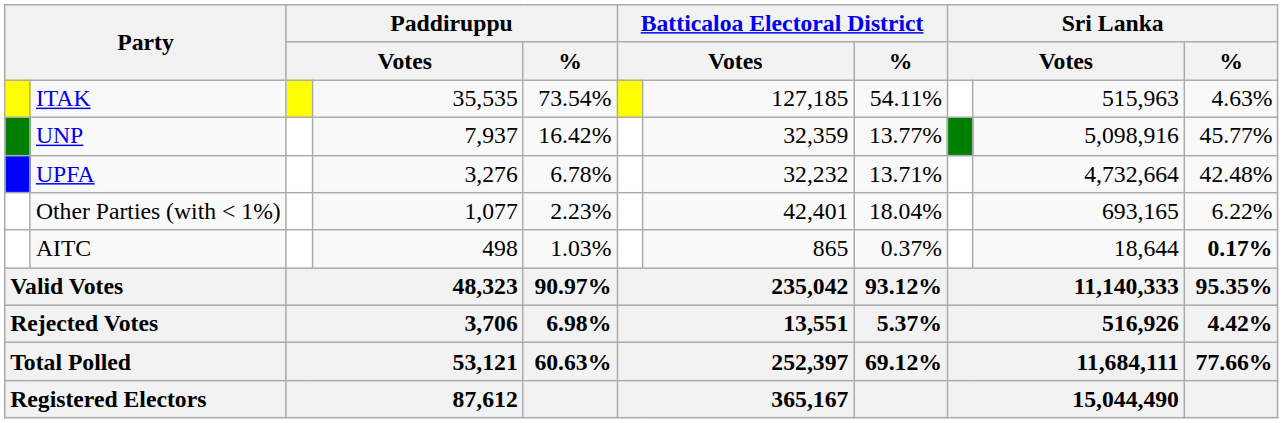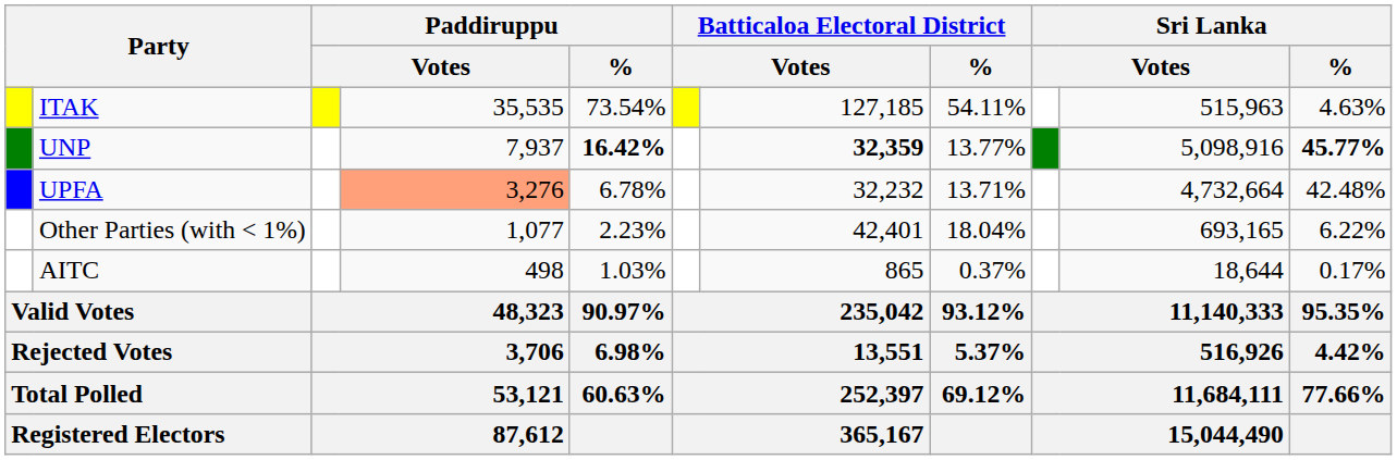 <table class="wikitable">
 <tr>
 <th colspan="2" width="144px"rowspan="2">Party</th>
 <th colspan="3" width="216px">Paddiruppu</th>
 <th colspan="3" width="216px"><a href='#'>Batticaloa Electoral District</a></th>
 <th colspan="3" width="216px">Sri Lanka</th>
 </tr>
 <tr>
 <th colspan="2" width="144px">Votes</th>
 <th>%</th>
 <th colspan="2" width="144px">Votes</th>
 <th>%</th>
 <th colspan="2" width="144px">Votes</th>
 <th>%</th>
 </tr>
 <tr>
 <td style="background-color:yellow;" width="10px"></td>
 <td style="text-align:left;"><a href='#'>ITAK</a></td>
 <td style="background-color:yellow;" width="10px"></td>
 <td style="text-align:right;">35,535</td>
 <td style="text-align:right;">73.54%</td>
 <td style="background-color:yellow;" width="10px"></td>
 <td style="text-align:right;">127,185</td>
 <td style="text-align:right;">54.11%</td>
 <td style="background-color:white;" width="10px"></td>
 <td style="text-align:right;">515,963</td>
 <td style="text-align:right;">4.63%</td>
 </tr>
 <tr>
 <td style="background-color:green;" width="10px"></td>
 <td style="text-align:left;"><a href='#'>UNP</a></td>
 <td style="background-color:white;" width="10px"></td>
 <td style="text-align:right;">7,937</td>
-<td style="text-align:right;">16.42%</td>
+<td style="text-align:right;"><strong>16.42%</strong></td>
 <td style="background-color:white;" width="10px"></td>
-<td style="text-align:right;">32,359</td>
+<td style="text-align:right;"><strong>32,359</strong></td>
 <td style="text-align:right;">13.77%</td>
 <td style="background-color:green;" width="10px"></td>
 <td style="text-align:right;">5,098,916</td>
-<td style="text-align:right;">45.77%</td>
+<td style="text-align:right;"><strong>45.77%</strong></td>
 </tr>
 <tr>
 <td style="background-color:blue;" width="10px"></td>
 <td style="text-align:left;"><a href='#'>UPFA</a></td>
 <td style="background-color:white;" width="10px"></td>
-<td style="text-align:right;">3,276</td>
+<td style="background: lightsalmon; text-align:right;">3,276</td>
 <td style="text-align:right;">6.78%</td>
 <td style="background-color:white;" width="10px"></td>
 <td style="text-align:right;">32,232</td>
 <td style="text-align:right;">13.71%</td>
 <td style="background-color:white;" width="10px"></td>
 <td style="text-align:right;">4,732,664</td>
 <td style="text-align:right;">42.48%</td>
 </tr>
 <tr>
 <td style="background-color:white;" width="10px"></td>
 <td style="text-align:left;">Other Parties (with < 1%)</td>
 <td style="background-color:white;" width="10px"></td>
 <td style="text-align:right;">1,077</td>
 <td style="text-align:right;">2.23%</td>
 <td style="background-color:white;" width="10px"></td>
 <td style="text-align:right;">42,401</td>
 <td style="text-align:right;">18.04%</td>
 <td style="background-color:white;" width="10px"></td>
 <td style="text-align:right;">693,165</td>
 <td style="text-align:right;">6.22%</td>
 </tr>
 <tr>
 <td style="background-color:white;" width="10px"></td>
 <td style="text-align:left;">AITC</td>
 <td style="background-color:white;" width="10px"></td>
 <td style="text-align:right;">498</td>
 <td style="text-align:right;">1.03%</td>
 <td style="background-color:white;" width="10px"></td>
 <td style="text-align:right;">865</td>
 <td style="text-align:right;">0.37%</td>
 <td style="background-color:white;" width="10px"></td>
 <td style="text-align:right;">18,644</td>
-<td style="text-align:right;"><strong>0.17%</strong></td>
+<td style="text-align:right;">0.17%</td>
 </tr>
 <tr>
 <th colspan="2" width="144px"style="text-align:left;">Valid Votes</th>
 <th style="text-align:right;"colspan="2" width="144px">48,323</th>
 <th style="text-align:right;">90.97%</th>
 <th style="text-align:right;"colspan="2" width="144px">235,042</th>
 <th style="text-align:right;">93.12%</th>
 <th style="text-align:right;"colspan="2" width="144px">11,140,333</th>
 <th style="text-align:right;">95.35%</th>
 </tr>
 <tr>
 <th colspan="2" width="144px"style="text-align:left;">Rejected Votes</th>
 <th style="text-align:right;"colspan="2" width="144px">3,706</th>
 <th style="text-align:right;">6.98%</th>
 <th style="text-align:right;"colspan="2" width="144px">13,551</th>
 <th style="text-align:right;">5.37%</th>
 <th style="text-align:right;"colspan="2" width="144px">516,926</th>
 <th style="text-align:right;">4.42%</th>
 </tr>
 <tr>
 <th colspan="2" width="144px"style="text-align:left;">Total Polled</th>
 <th style="text-align:right;"colspan="2" width="144px">53,121</th>
 <th style="text-align:right;">60.63%</th>
 <th style="text-align:right;"colspan="2" width="144px">252,397</th>
 <th style="text-align:right;">69.12%</th>
 <th style="text-align:right;"colspan="2" width="144px">11,684,111</th>
 <th style="text-align:right;">77.66%</th>
 </tr>
 <tr>
 <th colspan="2" width="144px"style="text-align:left;">Registered Electors</th>
 <th style="text-align:right;"colspan="2" width="144px">87,612</th>
 <th></th>
 <th style="text-align:right;"colspan="2" width="144px">365,167</th>
 <th></th>
 <th style="text-align:right;"colspan="2" width="144px">15,044,490</th>
 <th></th>
 </tr>
 </table>
